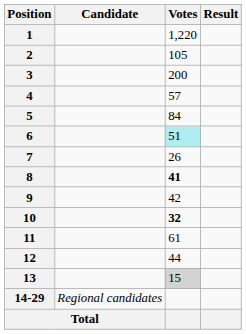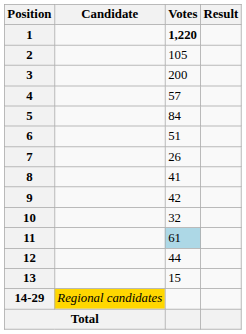 <table class="wikitable sortable col3right">
 <tr>
 <th scope="col">Position</th>
 <th scope="col">Candidate</th>
 <th scope="col">Votes</th>
 <th scope="col">Result</th>
 </tr>
 <tr>
 <th scope="row">1</th>
 <td></td>
-<td>1,220</td>
+<td><strong>1,220</strong></td>
 <td></td>
 </tr>
 <tr>
 <th scope="row">2</th>
 <td></td>
 <td>105</td>
 <td></td>
 </tr>
 <tr>
 <th scope="row">3</th>
 <td></td>
 <td>200</td>
 <td></td>
 </tr>
 <tr>
 <th scope="row">4</th>
 <td></td>
 <td>57</td>
 <td></td>
 </tr>
 <tr>
 <th scope="row">5</th>
 <td></td>
 <td>84</td>
 <td></td>
 </tr>
 <tr>
 <th scope="row">6</th>
 <td></td>
-<td style="background: paleturquoise;">51</td>
+<td>51</td>
 <td></td>
 </tr>
 <tr>
 <th scope="row">7</th>
 <td></td>
 <td>26</td>
 <td></td>
 </tr>
 <tr>
 <th scope="row">8</th>
 <td></td>
-<td><strong>41</strong></td>
+<td>41</td>
 <td></td>
 </tr>
 <tr>
 <th scope="row">9</th>
 <td></td>
 <td>42</td>
 <td></td>
 </tr>
 <tr>
 <th scope="row">10</th>
 <td></td>
-<td><strong>32</strong></td>
+<td>32</td>
 <td></td>
 </tr>
 <tr>
 <th scope="row">11</th>
 <td></td>
-<td>61</td>
+<td style="background: lightblue;">61</td>
 <td></td>
 </tr>
 <tr>
 <th scope="row">12</th>
 <td></td>
 <td>44</td>
 <td></td>
 </tr>
 <tr>
 <th scope="row">13</th>
 <td></td>
-<td style="background: lightgrey;">15</td>
+<td>15</td>
 <td></td>
 </tr>
 <tr>
 <th scope="row">14-29</th>
-<td><em>Regional candidates</em></td>
+<td style="background: gold;"><em>Regional candidates</em></td>
 <td></td>
 <td></td>
 </tr>
 <tr class="sortbottom">
 <th scope="row" colspan="2">Total</th>
 <th></th>
 <th></th>
 </tr>
 </table>
